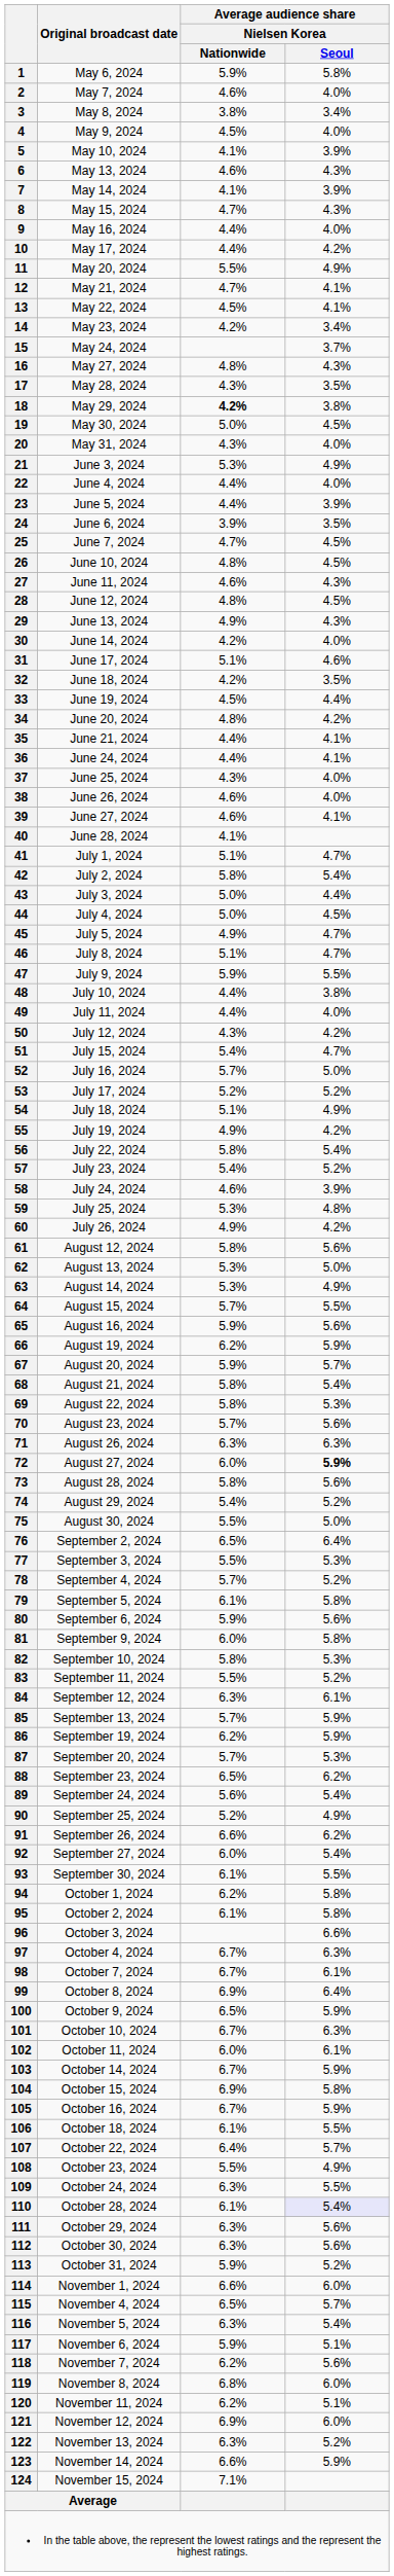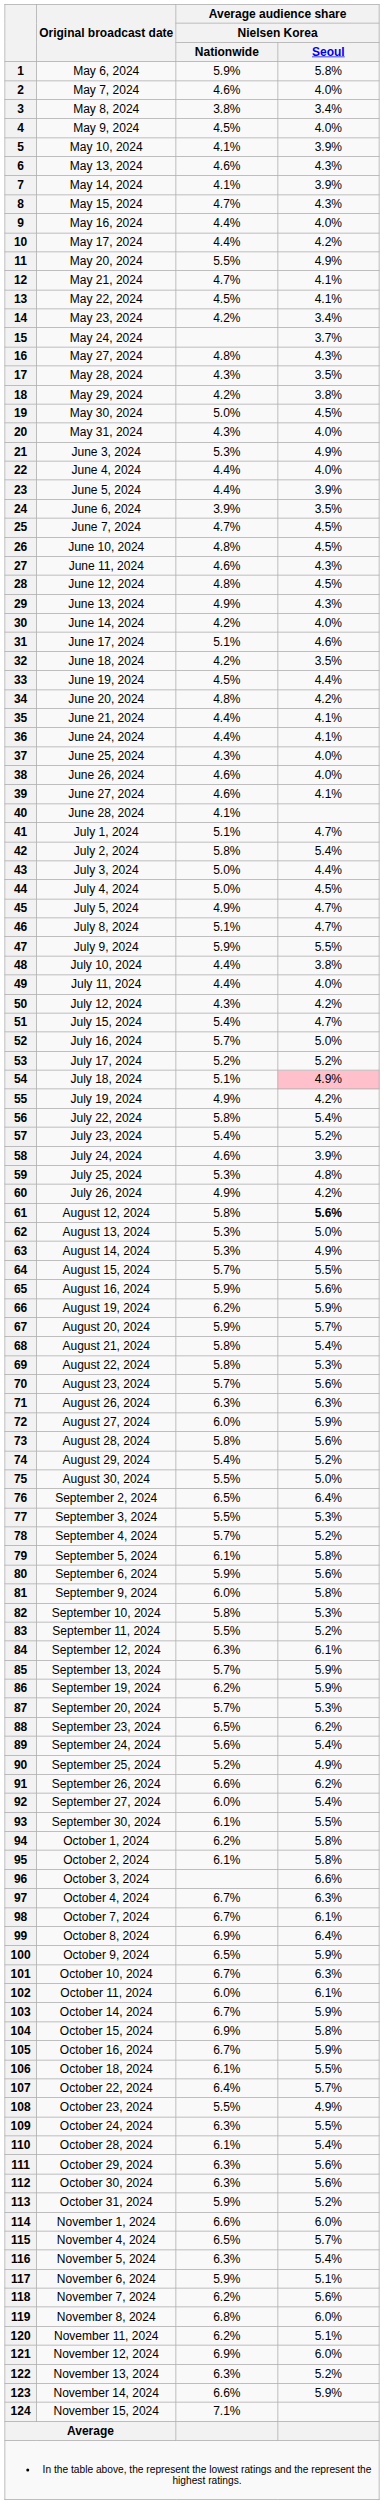 <table class="wikitable" style="margin-left:auto; margin-right:auto; width:500px; text-align:center">
 <tr>
 <th scope="col" rowspan="3"></th>
 <th scope="col" rowspan="3">Original broadcast date</th>
 <th scope="col" colspan="2">Average audience share</th>
 </tr>
 <tr>
 <th scope="col" colspan="2">Nielsen Korea</th>
 </tr>
 <tr>
 <th scope="col" style="width:8em">Nationwide</th>
 <th scope="col" style="width:8em"><a href='#'>Seoul</a></th>
 </tr>
 <tr>
 <th scope="col">1</th>
 <td>May 6, 2024</td>
 <td>5.9% </td>
 <td>5.8% </td>
 </tr>
 <tr>
 <th scope="col">2</th>
 <td>May 7, 2024</td>
 <td>4.6% </td>
 <td>4.0% </td>
 </tr>
 <tr>
 <th scope="col">3</th>
 <td>May 8, 2024</td>
 <td>3.8% </td>
 <td>3.4% </td>
 </tr>
 <tr>
 <th scope="col">4</th>
 <td>May 9, 2024</td>
 <td>4.5% </td>
 <td>4.0% </td>
 </tr>
 <tr>
 <th scope="col">5</th>
 <td>May 10, 2024</td>
 <td>4.1% </td>
 <td>3.9% </td>
 </tr>
 <tr>
 <th scope="col">6</th>
 <td>May 13, 2024</td>
 <td>4.6% </td>
 <td>4.3% </td>
 </tr>
 <tr>
 <th scope="col">7</th>
 <td>May 14, 2024</td>
 <td>4.1% </td>
 <td>3.9% </td>
 </tr>
 <tr>
 <th scope="col">8</th>
 <td>May 15, 2024</td>
 <td>4.7% </td>
 <td>4.3% </td>
 </tr>
 <tr>
 <th scope="col">9</th>
 <td>May 16, 2024</td>
 <td>4.4% </td>
 <td>4.0% </td>
 </tr>
 <tr>
 <th scope="col">10</th>
 <td>May 17, 2024</td>
 <td>4.4% </td>
 <td>4.2% </td>
 </tr>
 <tr>
 <th scope="col">11</th>
 <td>May 20, 2024</td>
 <td>5.5% </td>
 <td>4.9% </td>
 </tr>
 <tr>
 <th scope="col">12</th>
 <td>May 21, 2024</td>
 <td>4.7% </td>
 <td>4.1% </td>
 </tr>
 <tr>
 <th scope="col">13</th>
 <td>May 22, 2024</td>
 <td>4.5% </td>
 <td>4.1% </td>
 </tr>
 <tr>
 <th scope="col">14</th>
 <td>May 23, 2024</td>
 <td>4.2% </td>
 <td>3.4% </td>
 </tr>
 <tr>
 <th scope="col">15</th>
 <td>May 24, 2024</td>
 <td><strong></strong> </td>
 <td>3.7% </td>
 </tr>
 <tr>
 <th scope="col">16</th>
 <td>May 27, 2024</td>
 <td>4.8% </td>
 <td>4.3% </td>
 </tr>
 <tr>
 <th scope="col">17</th>
 <td>May 28, 2024</td>
 <td>4.3% </td>
 <td>3.5% </td>
 </tr>
 <tr>
 <th scope="col">18</th>
 <td>May 29, 2024</td>
-<td><strong>4.2% </strong></td>
+<td>4.2% </td>
 <td>3.8% </td>
 </tr>
 <tr>
 <th scope="col">19</th>
 <td>May 30, 2024</td>
 <td>5.0% </td>
 <td>4.5% </td>
 </tr>
 <tr>
 <th scope="col">20</th>
 <td>May 31, 2024</td>
 <td>4.3% </td>
 <td>4.0% </td>
 </tr>
 <tr>
 <th scope="col">21</th>
 <td>June 3, 2024</td>
 <td>5.3% </td>
 <td>4.9% </td>
 </tr>
 <tr>
 <th scope="col">22</th>
 <td>June 4, 2024</td>
 <td>4.4% </td>
 <td>4.0% </td>
 </tr>
 <tr>
 <th scope="col">23</th>
 <td>June 5, 2024</td>
 <td>4.4% </td>
 <td>3.9% </td>
 </tr>
 <tr>
 <th scope="col">24</th>
 <td>June 6, 2024</td>
 <td>3.9% </td>
 <td>3.5% </td>
 </tr>
 <tr>
 <th scope="col">25</th>
 <td>June 7, 2024</td>
 <td>4.7% </td>
 <td>4.5% </td>
 </tr>
 <tr>
 <th scope="col">26</th>
 <td>June 10, 2024</td>
 <td>4.8% </td>
 <td>4.5% </td>
 </tr>
 <tr>
 <th scope="col">27</th>
 <td>June 11, 2024</td>
 <td>4.6% </td>
 <td>4.3% </td>
 </tr>
 <tr>
 <th scope="col">28</th>
 <td>June 12, 2024</td>
 <td>4.8% </td>
 <td>4.5% </td>
 </tr>
 <tr>
 <th scope="col">29</th>
 <td>June 13, 2024</td>
 <td>4.9% </td>
 <td>4.3% </td>
 </tr>
 <tr>
 <th scope="col">30</th>
 <td>June 14, 2024</td>
 <td>4.2% </td>
 <td>4.0% </td>
 </tr>
 <tr>
 <th scope="col">31</th>
 <td>June 17, 2024</td>
 <td>5.1% </td>
 <td>4.6% </td>
 </tr>
 <tr>
 <th scope="col">32</th>
 <td>June 18, 2024</td>
 <td>4.2% </td>
 <td>3.5% </td>
 </tr>
 <tr>
 <th scope="col">33</th>
 <td>June 19, 2024</td>
 <td>4.5% </td>
 <td>4.4% </td>
 </tr>
 <tr>
 <th scope="col">34</th>
 <td>June 20, 2024</td>
 <td>4.8% </td>
 <td>4.2% </td>
 </tr>
 <tr>
 <th scope="col">35</th>
 <td>June 21, 2024</td>
 <td>4.4% </td>
 <td>4.1% </td>
 </tr>
 <tr>
 <th scope="col">36</th>
 <td>June 24, 2024</td>
 <td>4.4% </td>
 <td>4.1% </td>
 </tr>
 <tr>
 <th scope="col">37</th>
 <td>June 25, 2024</td>
 <td>4.3% </td>
 <td>4.0% </td>
 </tr>
 <tr>
 <th scope="col">38</th>
 <td>June 26, 2024</td>
 <td>4.6% </td>
 <td>4.0% </td>
 </tr>
 <tr>
 <th scope="col">39</th>
 <td>June 27, 2024</td>
 <td>4.6% </td>
 <td>4.1% </td>
 </tr>
 <tr>
 <th scope="col">40</th>
 <td>June 28, 2024</td>
 <td>4.1% </td>
 <td><strong></strong> </td>
 </tr>
 <tr>
 <th scope="col">41</th>
 <td>July 1, 2024</td>
 <td>5.1% </td>
 <td>4.7% </td>
 </tr>
 <tr>
 <th scope="col">42</th>
 <td>July 2, 2024</td>
 <td>5.8% </td>
 <td>5.4% </td>
 </tr>
 <tr>
 <th scope="col">43</th>
 <td>July 3, 2024</td>
 <td>5.0% </td>
 <td>4.4% </td>
 </tr>
 <tr>
 <th scope="col">44</th>
 <td>July 4, 2024</td>
 <td>5.0% </td>
 <td>4.5% </td>
 </tr>
 <tr>
 <th scope="col">45</th>
 <td>July 5, 2024</td>
 <td>4.9% </td>
 <td>4.7% </td>
 </tr>
 <tr>
 <th scope="col">46</th>
 <td>July 8, 2024</td>
 <td>5.1% </td>
 <td>4.7% </td>
 </tr>
 <tr>
 <th scope="col">47</th>
 <td>July 9, 2024</td>
 <td>5.9% </td>
 <td>5.5% </td>
 </tr>
 <tr>
 <th scope="col">48</th>
 <td>July 10, 2024</td>
 <td>4.4% </td>
 <td>3.8% </td>
 </tr>
 <tr>
 <th scope="col">49</th>
 <td>July 11, 2024</td>
 <td>4.4% </td>
 <td>4.0% </td>
 </tr>
 <tr>
 <th scope="col">50</th>
 <td>July 12, 2024</td>
 <td>4.3% </td>
 <td>4.2% </td>
 </tr>
 <tr>
 <th scope="col">51</th>
 <td>July 15, 2024</td>
 <td>5.4% </td>
 <td>4.7% </td>
 </tr>
 <tr>
 <th scope="col">52</th>
 <td>July 16, 2024</td>
 <td>5.7% </td>
 <td>5.0% </td>
 </tr>
 <tr>
 <th scope="col">53</th>
 <td>July 17, 2024</td>
 <td>5.2% </td>
 <td>5.2% </td>
 </tr>
 <tr>
 <th scope="col">54</th>
 <td>July 18, 2024</td>
 <td>5.1% </td>
-<td>4.9% </td>
+<td style="background: pink;">4.9% </td>
 </tr>
 <tr>
 <th scope="col">55</th>
 <td>July 19, 2024</td>
 <td>4.9% </td>
 <td>4.2% </td>
 </tr>
 <tr>
 <th scope="col">56</th>
 <td>July 22, 2024</td>
 <td>5.8% </td>
 <td>5.4% </td>
 </tr>
 <tr>
 <th scope="col">57</th>
 <td>July 23, 2024</td>
 <td>5.4% </td>
 <td>5.2% </td>
 </tr>
 <tr>
 <th scope="col">58</th>
 <td>July 24, 2024</td>
 <td>4.6% </td>
 <td>3.9% </td>
 </tr>
 <tr>
 <th scope="col">59</th>
 <td>July 25, 2024</td>
 <td>5.3% </td>
 <td>4.8% </td>
 </tr>
 <tr>
 <th scope="col">60</th>
 <td>July 26, 2024</td>
 <td>4.9% </td>
 <td>4.2% </td>
 </tr>
 <tr>
 <th scope="col">61</th>
 <td>August 12, 2024</td>
 <td>5.8% </td>
-<td>5.6% </td>
+<td><strong>5.6% </strong></td>
 </tr>
 <tr>
 <th scope="col">62</th>
 <td>August 13, 2024</td>
 <td>5.3% </td>
 <td>5.0% </td>
 </tr>
 <tr>
 <th scope="col">63</th>
 <td>August 14, 2024</td>
 <td>5.3% </td>
 <td>4.9% </td>
 </tr>
 <tr>
 <th scope="col">64</th>
 <td>August 15, 2024</td>
 <td>5.7% </td>
 <td>5.5% </td>
 </tr>
 <tr>
 <th scope="col">65</th>
 <td>August 16, 2024</td>
 <td>5.9% </td>
 <td>5.6% </td>
 </tr>
 <tr>
 <th scope="col">66</th>
 <td>August 19, 2024</td>
 <td>6.2% </td>
 <td>5.9% </td>
 </tr>
 <tr>
 <th scope="col">67</th>
 <td>August 20, 2024</td>
 <td>5.9% </td>
 <td>5.7% </td>
 </tr>
 <tr>
 <th scope="col">68</th>
 <td>August 21, 2024</td>
 <td>5.8% </td>
 <td>5.4% </td>
 </tr>
 <tr>
 <th scope="col">69</th>
 <td>August 22, 2024</td>
 <td>5.8% </td>
 <td>5.3% </td>
 </tr>
 <tr>
 <th scope="col">70</th>
 <td>August 23, 2024</td>
 <td>5.7% </td>
 <td>5.6% </td>
 </tr>
 <tr>
 <th scope="col">71</th>
 <td>August 26, 2024</td>
 <td>6.3% </td>
 <td>6.3% </td>
 </tr>
 <tr>
 <th scope="col">72</th>
 <td>August 27, 2024</td>
 <td>6.0% </td>
-<td><strong>5.9% </strong></td>
+<td>5.9% </td>
 </tr>
 <tr>
 <th scope="col">73</th>
 <td>August 28, 2024</td>
 <td>5.8% </td>
 <td>5.6% </td>
 </tr>
 <tr>
 <th scope="col">74</th>
 <td>August 29, 2024</td>
 <td>5.4% </td>
 <td>5.2% </td>
 </tr>
 <tr>
 <th scope="col">75</th>
 <td>August 30, 2024</td>
 <td>5.5% </td>
 <td>5.0% </td>
 </tr>
 <tr>
 <th scope="col">76</th>
 <td>September 2, 2024</td>
 <td>6.5% </td>
 <td>6.4% </td>
 </tr>
 <tr>
 <th scope="col">77</th>
 <td>September 3, 2024</td>
 <td>5.5% </td>
 <td>5.3% </td>
 </tr>
 <tr>
 <th scope="col">78</th>
 <td>September 4, 2024</td>
 <td>5.7% </td>
 <td>5.2% </td>
 </tr>
 <tr>
 <th scope="col">79</th>
 <td>September 5, 2024</td>
 <td>6.1% </td>
 <td>5.8% </td>
 </tr>
 <tr>
 <th scope="col">80</th>
 <td>September 6, 2024</td>
 <td>5.9% </td>
 <td>5.6% </td>
 </tr>
 <tr>
 <th scope="col">81</th>
 <td>September 9, 2024</td>
 <td>6.0% </td>
 <td>5.8% </td>
 </tr>
 <tr>
 <th scope="col">82</th>
 <td>September 10, 2024</td>
 <td>5.8% </td>
 <td>5.3% </td>
 </tr>
 <tr>
 <th scope="col">83</th>
 <td>September 11, 2024</td>
 <td>5.5% </td>
 <td>5.2% </td>
 </tr>
 <tr>
 <th scope="col">84</th>
 <td>September 12, 2024</td>
 <td>6.3% </td>
 <td>6.1% </td>
 </tr>
 <tr>
 <th scope="col">85</th>
 <td>September 13, 2024</td>
 <td>5.7% </td>
 <td>5.9% </td>
 </tr>
 <tr>
 <th scope="col">86</th>
 <td>September 19, 2024</td>
 <td>6.2% </td>
 <td>5.9% </td>
 </tr>
 <tr>
 <th scope="col">87</th>
 <td>September 20, 2024</td>
 <td>5.7% </td>
 <td>5.3% </td>
 </tr>
 <tr>
 <th scope="col">88</th>
 <td>September 23, 2024</td>
 <td>6.5% </td>
 <td>6.2% </td>
 </tr>
 <tr>
 <th scope="col">89</th>
 <td>September 24, 2024</td>
 <td>5.6% </td>
 <td>5.4% </td>
 </tr>
 <tr>
 <th scope="col">90</th>
 <td>September 25, 2024</td>
 <td>5.2% </td>
 <td>4.9% </td>
 </tr>
 <tr>
 <th scope="col">91</th>
 <td>September 26, 2024</td>
 <td>6.6% </td>
 <td>6.2% </td>
 </tr>
 <tr>
 <th scope="col">92</th>
 <td>September 27, 2024</td>
 <td>6.0% </td>
 <td>5.4% </td>
 </tr>
 <tr>
 <th scope="col">93</th>
 <td>September 30, 2024</td>
 <td>6.1% </td>
 <td>5.5% </td>
 </tr>
 <tr>
 <th scope="col">94</th>
 <td>October 1, 2024</td>
 <td>6.2% </td>
 <td>5.8% </td>
 </tr>
 <tr>
 <th scope="col">95</th>
 <td>October 2, 2024</td>
 <td>6.1% </td>
 <td>5.8% </td>
 </tr>
 <tr>
 <th scope="col">96</th>
 <td>October 3, 2024</td>
 <td><strong></strong> </td>
 <td>6.6% </td>
 </tr>
 <tr>
 <th scope="col">97</th>
 <td>October 4, 2024</td>
 <td>6.7% </td>
 <td>6.3% </td>
 </tr>
 <tr>
 <th scope="col">98</th>
 <td>October 7, 2024</td>
 <td>6.7% </td>
 <td>6.1% </td>
 </tr>
 <tr>
 <th scope="col">99</th>
 <td>October 8, 2024</td>
 <td>6.9% </td>
 <td>6.4% </td>
 </tr>
 <tr>
 <th scope="col">100</th>
 <td>October 9, 2024</td>
 <td>6.5% </td>
 <td>5.9% </td>
 </tr>
 <tr>
 <th scope="col">101</th>
 <td>October 10, 2024</td>
 <td>6.7% </td>
 <td>6.3% </td>
 </tr>
 <tr>
 <th scope="col">102</th>
 <td>October 11, 2024</td>
 <td>6.0% </td>
 <td>6.1% </td>
 </tr>
 <tr>
 <th scope="col">103</th>
 <td>October 14, 2024</td>
 <td>6.7% </td>
 <td>5.9% </td>
 </tr>
 <tr>
 <th scope="col">104</th>
 <td>October 15, 2024</td>
 <td>6.9% </td>
 <td>5.8% </td>
 </tr>
 <tr>
 <th scope="col">105</th>
 <td>October 16, 2024</td>
 <td>6.7% </td>
 <td>5.9% </td>
 </tr>
 <tr>
 <th scope="col">106</th>
 <td>October 18, 2024</td>
 <td>6.1% </td>
 <td>5.5% </td>
 </tr>
 <tr>
 <th scope="col">107</th>
 <td>October 22, 2024</td>
 <td>6.4% </td>
 <td>5.7% </td>
 </tr>
 <tr>
 <th scope="col">108</th>
 <td>October 23, 2024</td>
 <td>5.5% </td>
 <td>4.9% </td>
 </tr>
 <tr>
 <th scope="col">109</th>
 <td>October 24, 2024</td>
 <td>6.3% </td>
 <td>5.5% </td>
 </tr>
 <tr>
 <th scope="col">110</th>
 <td>October 28, 2024</td>
 <td>6.1% </td>
-<td style="background: lavender;">5.4% </td>
+<td>5.4% </td>
 </tr>
 <tr>
 <th scope="col">111</th>
 <td>October 29, 2024</td>
 <td>6.3% </td>
 <td>5.6% </td>
 </tr>
 <tr>
 <th scope="col">112</th>
 <td>October 30, 2024</td>
 <td>6.3% </td>
 <td>5.6% </td>
 </tr>
 <tr>
 <th scope="col">113</th>
 <td>October 31, 2024</td>
 <td>5.9% </td>
 <td>5.2% </td>
 </tr>
 <tr>
 <th scope="col">114</th>
 <td>November 1, 2024</td>
 <td>6.6% </td>
 <td>6.0% </td>
 </tr>
 <tr>
 <th scope="col">115</th>
 <td>November 4, 2024</td>
 <td>6.5% </td>
 <td>5.7% </td>
 </tr>
 <tr>
 <th scope="col">116</th>
 <td>November 5, 2024</td>
 <td>6.3% </td>
 <td>5.4% </td>
 </tr>
 <tr>
 <th scope="col">117</th>
 <td>November 6, 2024</td>
 <td>5.9% </td>
 <td>5.1% </td>
 </tr>
 <tr>
 <th scope="col">118</th>
 <td>November 7, 2024</td>
 <td>6.2% </td>
 <td>5.6% </td>
 </tr>
 <tr>
 <th scope="col">119</th>
 <td>November 8, 2024</td>
 <td>6.8% </td>
 <td>6.0% </td>
 </tr>
 <tr>
 <th scope="col">120</th>
 <td>November 11, 2024</td>
 <td>6.2% </td>
 <td>5.1% </td>
 </tr>
 <tr>
 <th>121</th>
 <td>November 12, 2024</td>
 <td>6.9% </td>
 <td>6.0% </td>
 </tr>
 <tr>
 <th>122</th>
 <td>November 13, 2024</td>
 <td>6.3% </td>
 <td>5.2% </td>
 </tr>
 <tr>
 <th>123</th>
 <td>November 14, 2024</td>
 <td>6.6% </td>
 <td>5.9% </td>
 </tr>
 <tr>
 <th>124</th>
 <td>November 15, 2024</td>
 <td>7.1% </td>
 <td><strong></strong> </td>
 </tr>
 <tr>
 <th scope="col" colspan="2">Average</th>
 <th scope="col"></th>
 <th scope="col"></th>
 </tr>
 <tr>
 <td colspan="4" style="font-size:85%"><br><ul><li>In the table above, the <strong></strong> represent the lowest ratings and the <strong></strong> represent the highest ratings.</li></ul></td>
 </tr>
 </table>
